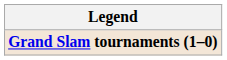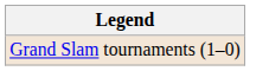 <table class=wikitable style=font-size:97%>
 <tr>
 <th>Legend</th>
 </tr>
 <tr bgcolor=f3e6d7>
-<td><strong><a href='#'>Grand Slam</a> tournaments (1–0)</strong></td>
+<td><a href='#'>Grand Slam</a> tournaments (1–0)</td>
 </tr>
 </table>
